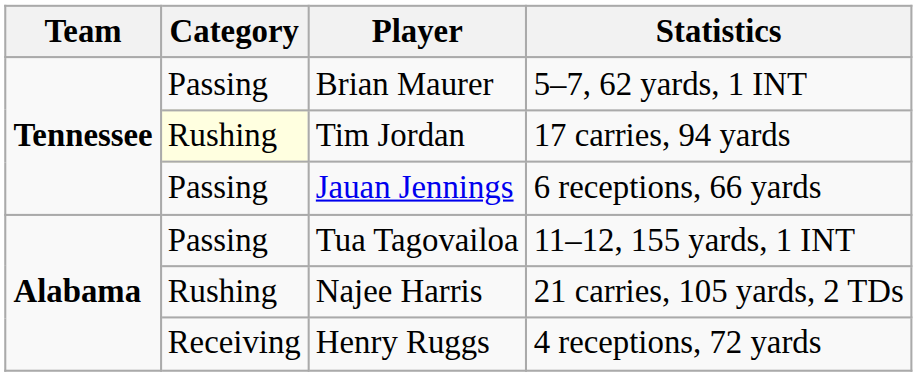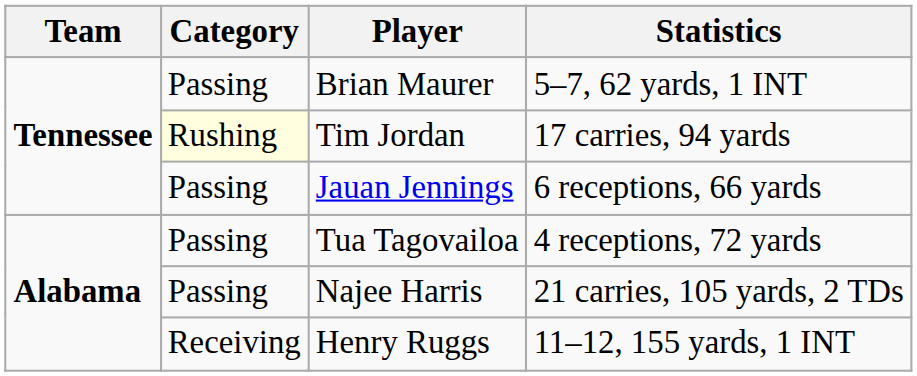 <table class="wikitable" style="float: right;">
 <tr>
 <th>Team</th>
 <th>Category</th>
 <th>Player</th>
 <th>Statistics</th>
 </tr>
 <tr>
 <td rowspan=3><strong>Tennessee</strong></td>
 <td>Passing</td>
 <td>Brian Maurer</td>
 <td>5–7, 62 yards, 1 INT</td>
 </tr>
 <tr>
 <td style="background: lightyellow;">Rushing</td>
 <td>Tim Jordan</td>
 <td>17 carries, 94 yards</td>
 </tr>
 <tr>
 <td>Passing</td>
 <td><a href='#'>Jauan Jennings</a></td>
 <td>6 receptions, 66 yards</td>
 </tr>
 <tr>
 <td rowspan=3><strong>Alabama</strong></td>
 <td>Passing</td>
 <td>Tua Tagovailoa</td>
-<td>11–12, 155 yards, 1 INT</td>
+<td>4 receptions, 72 yards</td>
 </tr>
 <tr>
-<td>Rushing</td>
+<td>Passing</td>
 <td>Najee Harris</td>
 <td>21 carries, 105 yards, 2 TDs</td>
 </tr>
 <tr>
 <td>Receiving</td>
 <td>Henry Ruggs</td>
-<td>4 receptions, 72 yards</td>
+<td>11–12, 155 yards, 1 INT</td>
 </tr>
 </table>
